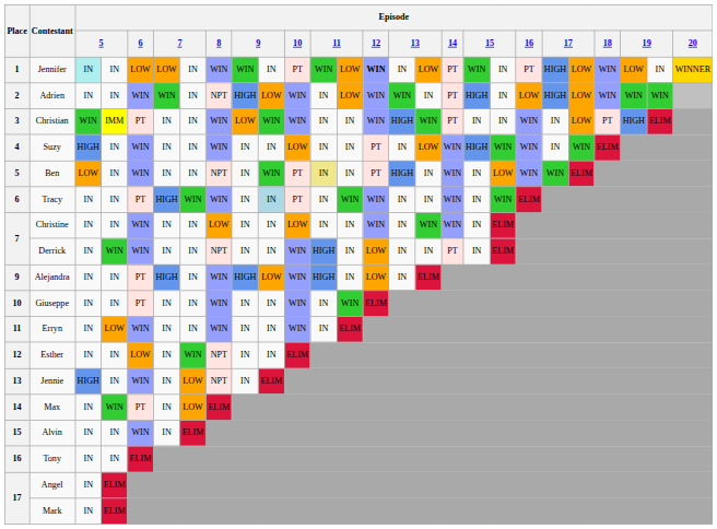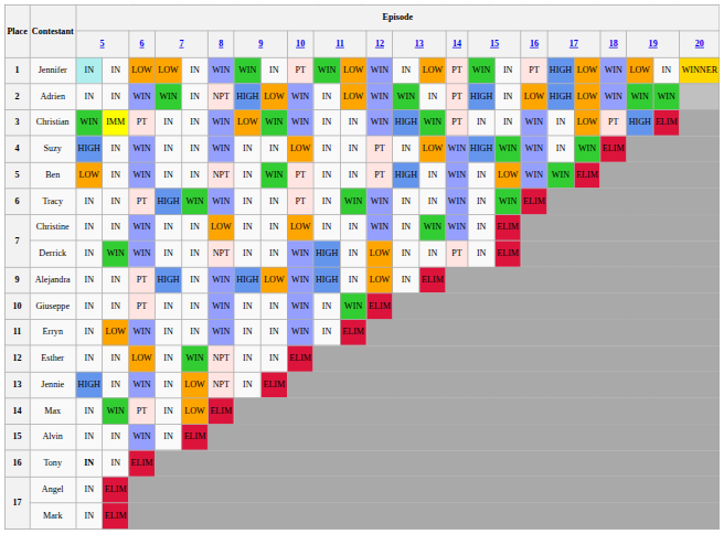 <table class="wikitable" style="text-align: center; font-size: 8pt; line-height:26px;">
 <tr>
 <th rowspan="2">Place</th>
 <th rowspan="2">Contestant</th>
 <th colspan="24">Episode</th>
 </tr>
 <tr>
 <th colspan="2"><a href='#'>5</a></th>
 <th><a href='#'>6</a></th>
 <th colspan="2"><a href='#'>7</a></th>
 <th><a href='#'>8</a></th>
 <th colspan="2"><a href='#'>9</a></th>
 <th><a href='#'>10</a></th>
 <th colspan="2"><a href='#'>11</a></th>
 <th><a href='#'>12</a></th>
 <th colspan="2"><a href='#'>13</a></th>
 <th><a href='#'>14</a></th>
 <th colspan="2"><a href='#'>15</a></th>
 <th><a href='#'>16</a></th>
 <th colspan="2"><a href='#'>17</a></th>
 <th><a href='#'>18</a></th>
 <th colspan="2"><a href='#'>19</a></th>
 <th><a href='#'>20</a></th>
 </tr>
 <tr>
 <th>1</th>
 <td>Jennifer</td>
 <td style="background: paleturquoise;">IN</td>
 <td>IN</td>
 <td style="background:orange;">LOW</td>
 <td style="background:orange;">LOW</td>
 <td>IN</td>
 <td style="background:#959FFD">WIN</td>
 <td style="background:limegreen">WIN</td>
 <td>IN</td>
 <td style="background:mistyrose">PT</td>
 <td style="background:limegreen">WIN</td>
 <td style="background:orange">LOW</td>
-<td style="background:#959FFD"><strong>WIN</strong></td>
+<td style="background:#959FFD">WIN</td>
 <td>IN</td>
 <td style="background:orange">LOW</td>
 <td style="background:mistyrose">PT</td>
 <td style="background:limegreen">WIN</td>
 <td>IN</td>
 <td style="background:mistyrose">PT</td>
 <td style="background:cornflowerblue">HIGH</td>
 <td style="background:orange">LOW</td>
 <td style="background:#959FFD">WIN</td>
 <td style="background:orange;">LOW</td>
 <td>IN</td>
 <td style="background:gold">WINNER</td>
 </tr>
 <tr>
 <th>2</th>
 <td>Adrien</td>
 <td>IN</td>
 <td>IN</td>
 <td style="background:#959FFD">WIN</td>
 <td style="background:limegreen">WIN</td>
 <td>IN</td>
 <td style="background:mistyrose">NPT</td>
 <td style="background:cornflowerblue">HIGH</td>
 <td style="background:orange;">LOW</td>
 <td style="background:#959FFD">WIN</td>
 <td>IN</td>
 <td style="background:orange;">LOW</td>
 <td style="background:#959FFD">WIN</td>
 <td style="background:limegreen">WIN</td>
 <td>IN</td>
 <td style="background:mistyrose">PT</td>
 <td style="background:cornflowerblue">HIGH</td>
 <td>IN</td>
 <td style="background:orange;">LOW</td>
 <td style="background:cornflowerblue">HIGH</td>
 <td style="background:orange;">LOW</td>
 <td style="background:#959FFD">WIN</td>
 <td style="background:limegreen">WIN</td>
 <td style="background:limegreen">WIN</td>
 <td style="background:silver"></td>
 </tr>
 <tr>
 <th>3</th>
 <td>Christian</td>
 <td style="background:limegreen">WIN</td>
 <td style="background:yellow">IMM</td>
 <td style="background:mistyrose">PT</td>
 <td>IN</td>
 <td>IN</td>
 <td style="background:#959FFD">WIN</td>
 <td style="background:orange;">LOW</td>
 <td style="background:limegreen">WIN</td>
 <td style="background:#959FFD">WIN</td>
 <td>IN</td>
 <td>IN</td>
 <td style="background:#959FFD">WIN</td>
 <td style="background:cornflowerblue">HIGH</td>
 <td style="background:limegreen">WIN</td>
 <td style="background:mistyrose">PT</td>
 <td>IN</td>
 <td>IN</td>
 <td style="background:#959FFD">WIN</td>
 <td>IN</td>
 <td style="background:orange">LOW</td>
 <td style="background:mistyrose">PT</td>
 <td style="background:cornflowerblue">HIGH</td>
 <td style="background:crimson">ELIM</td>
 <td colspan="2" style="background:darkgray"></td>
 </tr>
 <tr>
 <th>4</th>
 <td>Suzy</td>
 <td style="background:cornflowerblue">HIGH</td>
 <td>IN</td>
 <td style="background:#959FFD">WIN</td>
 <td>IN</td>
 <td>IN</td>
 <td style="background:#959FFD">WIN</td>
 <td>IN</td>
 <td>IN</td>
 <td style="background:orange;">LOW</td>
 <td>IN</td>
 <td>IN</td>
 <td style="background:mistyrose">PT</td>
 <td>IN</td>
 <td style="background:orange;">LOW</td>
 <td style="background:#959FFD">WIN</td>
 <td style="background:cornflowerblue">HIGH</td>
 <td style="background:limegreen">WIN</td>
 <td style="background:#959FFD">WIN</td>
 <td>IN</td>
 <td style="background:limegreen">WIN</td>
 <td style="background:crimson">ELIM</td>
 <td colspan="3" style="background:darkgrey"></td>
 </tr>
 <tr>
 <th>5</th>
 <td>Ben</td>
 <td style="background:orange;">LOW</td>
 <td>IN</td>
 <td style="background:#959FFD">WIN</td>
 <td>IN</td>
 <td>IN</td>
 <td style="background:mistyrose">NPT</td>
 <td>IN</td>
 <td style="background:limegreen">WIN</td>
 <td style="background:mistyrose">PT</td>
-<td style="background: khaki;">IN</td>
+<td>IN</td>
 <td>IN</td>
 <td style="background:mistyrose">PT</td>
 <td style="background:cornflowerblue">HIGH</td>
 <td>IN</td>
 <td style="background:#959FFD">WIN</td>
 <td>IN</td>
 <td style="background:orange;">LOW</td>
 <td style="background:#959FFD">WIN</td>
 <td style="background:limegreen">WIN</td>
 <td style="background:crimson">ELIM</td>
 <td colspan="5" style="background:darkgrey"></td>
 </tr>
 <tr>
 <th>6</th>
 <td>Tracy</td>
 <td>IN</td>
 <td>IN</td>
 <td style="background:mistyrose">PT</td>
 <td style="background:cornflowerblue">HIGH</td>
 <td style="background:limegreen">WIN</td>
 <td style="background:#959FFD">WIN</td>
 <td>IN</td>
-<td style="background: lightblue;">IN</td>
+<td>IN</td>
 <td style="background:mistyrose">PT</td>
 <td>IN</td>
 <td style="background:limegreen">WIN</td>
 <td style="background:#959FFD">WIN</td>
 <td>IN</td>
 <td>IN</td>
 <td style="background:#959FFD">WIN</td>
 <td>IN</td>
 <td style="background:limegreen">WIN</td>
 <td style="background:crimson">ELIM</td>
 <td colspan="7" style="background:darkgray"></td>
 </tr>
 <tr>
 <th rowspan=2>7</th>
 <td>Christine</td>
 <td>IN</td>
 <td>IN</td>
 <td style="background:#959FFD">WIN</td>
 <td>IN</td>
 <td>IN</td>
 <td style="background:orange">LOW</td>
 <td>IN</td>
 <td>IN</td>
 <td style="background:orange">LOW</td>
 <td>IN</td>
 <td>IN</td>
 <td style="background:#959FFD">WIN</td>
 <td>IN</td>
 <td style="background:limegreen">WIN</td>
 <td style="background:#959FFD">WIN</td>
 <td>IN</td>
 <td style="background:crimson">ELIM</td>
 <td colspan="8" style="background:darkgrey"></td>
 </tr>
 <tr>
 <td>Derrick</td>
 <td>IN</td>
 <td style="background:limegreen">WIN</td>
 <td style="background:#959FFD">WIN</td>
 <td>IN</td>
 <td>IN</td>
 <td style="background:mistyrose">NPT</td>
 <td>IN</td>
 <td>IN</td>
 <td style="background:#959FFD">WIN</td>
 <td style="background:cornflowerblue">HIGH</td>
 <td>IN</td>
 <td style="background:orange;">LOW</td>
 <td>IN</td>
 <td>IN</td>
 <td style="background:mistyrose">PT</td>
 <td>IN</td>
 <td style="background:crimson">ELIM</td>
 <td colspan="8" style="background:darkgrey"></td>
 </tr>
 <tr>
 <th>9</th>
 <td>Alejandra</td>
 <td>IN</td>
 <td>IN</td>
 <td style="background:mistyrose">PT</td>
 <td style="background:cornflowerblue;">HIGH</td>
 <td>IN</td>
 <td style="background:#959FFD">WIN</td>
 <td style="background:cornflowerblue;">HIGH</td>
 <td style="background:orange">LOW</td>
 <td style="background:#959FFD">WIN</td>
 <td style="background:cornflowerblue;">HIGH</td>
 <td>IN</td>
 <td style="background:orange">LOW</td>
 <td>IN</td>
 <td style="background:crimson">ELIM</td>
 <td colspan="11" style="background:darkgrey"></td>
 </tr>
 <tr>
 <th>10</th>
 <td>Giuseppe</td>
 <td>IN</td>
 <td>IN</td>
 <td style="background:mistyrose">PT</td>
 <td>IN</td>
 <td>IN</td>
 <td style="background:#959FFD">WIN</td>
 <td>IN</td>
 <td>IN</td>
 <td style="background:#959FFD">WIN</td>
 <td>IN</td>
 <td style="background:limegreen">WIN</td>
 <td style="background:crimson">ELIM</td>
 <td colspan="13" style="background:darkgrey"></td>
 </tr>
 <tr>
 <th>11</th>
 <td>Erryn</td>
 <td>IN</td>
 <td style="background:orange;">LOW</td>
 <td style="background:#959FFD">WIN</td>
 <td>IN</td>
 <td>IN</td>
 <td style="background:#959FFD">WIN</td>
 <td>IN</td>
 <td>IN</td>
 <td style="background:#959FFD">WIN</td>
 <td>IN</td>
 <td style="background:crimson">ELIM</td>
 <td colspan="14" style="background:darkgray"></td>
 </tr>
 <tr>
 <th>12</th>
 <td>Esther</td>
 <td>IN</td>
 <td>IN</td>
 <td style="background:orange">LOW</td>
 <td>IN</td>
 <td style="background:limegreen">WIN</td>
 <td style="background:mistyrose">NPT</td>
 <td>IN</td>
 <td>IN</td>
 <td style="background:crimson">ELIM</td>
 <td colspan="16" style="background:darkgray"></td>
 </tr>
 <tr>
 <th>13</th>
 <td>Jennie</td>
 <td style="background:cornflowerblue">HIGH</td>
 <td>IN</td>
 <td style="background:#959FFD">WIN</td>
 <td>IN</td>
 <td style="background:orange">LOW</td>
 <td style="background:mistyrose">NPT</td>
 <td>IN</td>
 <td style="background:crimson">ELIM</td>
 <td colspan="18" style="background:darkgray"></td>
 </tr>
 <tr>
 <th>14</th>
 <td>Max</td>
 <td>IN</td>
 <td style="background:limegreen">WIN</td>
 <td style="background:mistyrose">PT</td>
 <td>IN</td>
 <td style="background:orange">LOW</td>
 <td style="background:crimson">ELIM</td>
 <td colspan="18" style="background:darkgray"></td>
 </tr>
 <tr>
 <th>15</th>
 <td>Alvin</td>
 <td>IN</td>
 <td>IN</td>
 <td style="background:#959FFD">WIN</td>
 <td>IN</td>
 <td style="background:crimson">ELIM</td>
 <td colspan="19" style="background:darkgray"></td>
 </tr>
 <tr>
 <th>16</th>
 <td>Tony</td>
-<td>IN</td>
+<td><strong>IN</strong></td>
 <td>IN</td>
 <td style="background:crimson">ELIM</td>
 <td colspan="21" style="background:darkgray"></td>
 </tr>
 <tr>
 <th rowspan=2>17</th>
 <td>Angel</td>
 <td>IN</td>
 <td style="background:crimson">ELIM</td>
 <td colspan="22" style="background:darkgray"></td>
 </tr>
 <tr>
 <td>Mark</td>
 <td>IN</td>
 <td style="background:crimson">ELIM</td>
 <td colspan="22" style="background:darkgray"></td>
 </tr>
 </table>
